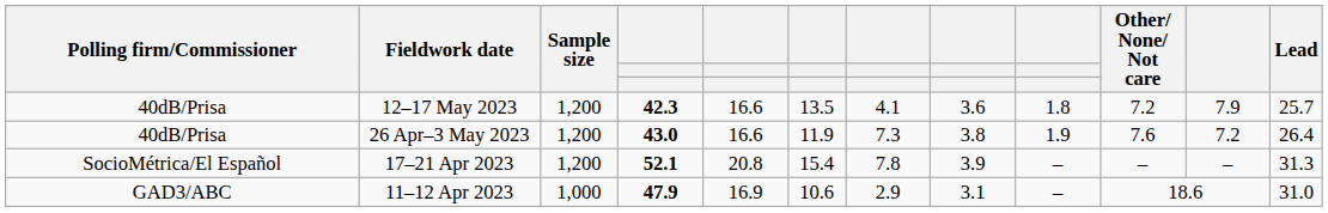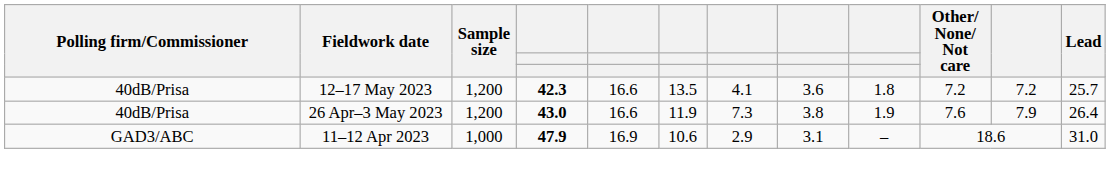 <table class="wikitable collapsible collapsed" style="text-align:center; font-size:90%; line-height:14px;">
 <tr style="height:42px;">
 <th style="width:250px;" rowspan="3">Polling firm/Commissioner</th>
 <th style="width:125px;" rowspan="3">Fieldwork date</th>
 <th style="width:50px;" rowspan="3">Sample size</th>
 <th style="width:55px;"></th>
 <th style="width:55px;"></th>
 <th style="width:35px;"></th>
 <th style="width:55px;"></th>
 <th style="width:55px;"></th>
 <th style="width:55px;"></th>
 <th style="width:55px;" rowspan="3">Other/<br>None/<br>Not<br>care</th>
 <th style="width:55px;" rowspan="3"></th>
 <th style="width:30px;" rowspan="3">Lead</th>
 </tr>
 <tr>
 <th style="color:inherit;background:"></th>
 <th style="color:inherit;background:"></th>
 <th style="color:inherit;background:"></th>
 <th style="color:inherit;background:"></th>
 <th style="color:inherit;background:"></th>
 <th style="color:inherit;background:"></th>
 </tr>
 <tr>
 <th></th>
 <th></th>
 <th></th>
 <th></th>
 <th></th>
 <th></th>
 </tr>
 <tr>
 <td>40dB/Prisa</td>
 <td>12–17 May 2023</td>
 <td>1,200</td>
 <td><strong>42.3</strong></td>
 <td>16.6</td>
 <td>13.5</td>
 <td>4.1</td>
 <td>3.6</td>
 <td>1.8</td>
 <td>7.2</td>
-<td>7.9</td>
+<td>7.2</td>
 <td style="background:">25.7</td>
 </tr>
 <tr>
 <td>40dB/Prisa</td>
 <td>26 Apr–3 May 2023</td>
 <td>1,200</td>
 <td><strong>43.0</strong></td>
 <td>16.6</td>
 <td>11.9</td>
 <td>7.3</td>
 <td>3.8</td>
 <td>1.9</td>
 <td>7.6</td>
-<td>7.2</td>
+<td>7.9</td>
 <td style="background:">26.4</td>
-</tr>
-<tr>
-<td>SocioMétrica/El Español</td>
-<td>17–21 Apr 2023</td>
-<td>1,200</td>
-<td><strong>52.1</strong></td>
-<td>20.8</td>
-<td>15.4</td>
-<td>7.8</td>
-<td>3.9</td>
-<td>–</td>
-<td>–</td>
-<td>–</td>
-<td style="background:">31.3</td>
 </tr>
 <tr>
 <td>GAD3/ABC</td>
 <td>11–12 Apr 2023</td>
 <td>1,000</td>
 <td><strong>47.9</strong></td>
 <td>16.9</td>
 <td>10.6</td>
 <td>2.9</td>
 <td>3.1</td>
 <td>–</td>
 <td colspan="2">18.6</td>
 <td style="background:">31.0</td>
 </tr>
 </table>
